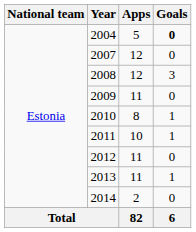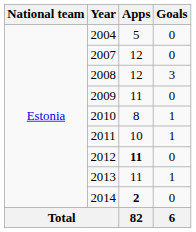 <table class="wikitable" style="text-align:center">
 <tr>
 <th>National team</th>
 <th>Year</th>
 <th>Apps</th>
 <th>Goals</th>
 </tr>
 <tr>
 <td rowspan="9"><a href='#'>Estonia</a></td>
 <td>2004</td>
 <td>5</td>
-<td><strong>0</strong></td>
+<td>0</td>
 </tr>
 <tr>
 <td>2007</td>
 <td>12</td>
 <td>0</td>
 </tr>
 <tr>
 <td>2008</td>
 <td>12</td>
 <td>3</td>
 </tr>
 <tr>
 <td>2009</td>
 <td>11</td>
 <td>0</td>
 </tr>
 <tr>
 <td>2010</td>
 <td>8</td>
 <td>1</td>
 </tr>
 <tr>
 <td>2011</td>
 <td>10</td>
 <td>1</td>
 </tr>
 <tr>
 <td>2012</td>
-<td>11</td>
+<td><strong>11</strong></td>
 <td>0</td>
 </tr>
 <tr>
 <td>2013</td>
 <td>11</td>
 <td>1</td>
 </tr>
 <tr>
 <td>2014</td>
-<td>2</td>
+<td><strong>2</strong></td>
 <td>0</td>
 </tr>
 <tr>
 <th colspan="2">Total</th>
 <th>82</th>
 <th>6</th>
 </tr>
 </table>
